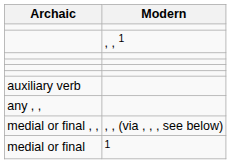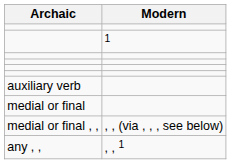 <table class="wikitable">
 <tr>
 <th>Archaic</th>
 <th>Modern</th>
 </tr>
 <tr>
 <td></td>
 <td></td>
 </tr>
 <tr>
 <td></td>
-<td>, , <sup>1</sup></td>
+<td><sup>1</sup></td>
 </tr>
 <tr>
 <td></td>
 <td></td>
 </tr>
 <tr>
 <td></td>
 <td></td>
 </tr>
 <tr>
 <td></td>
 <td></td>
 </tr>
 <tr>
 <td></td>
 <td></td>
 </tr>
 <tr>
 <td>auxiliary verb </td>
 <td></td>
 </tr>
 <tr>
-<td>any , , </td>
+<td>medial or final </td>
 <td></td>
 </tr>
 <tr>
 <td>medial or final , , </td>
 <td>, , (via , , , see below)</td>
 </tr>
 <tr>
-<td>medial or final </td>
-<td><sup>1</sup></td>
+<td>any , , </td>
+<td>, , <sup>1</sup></td>
 </tr>
 </table>
